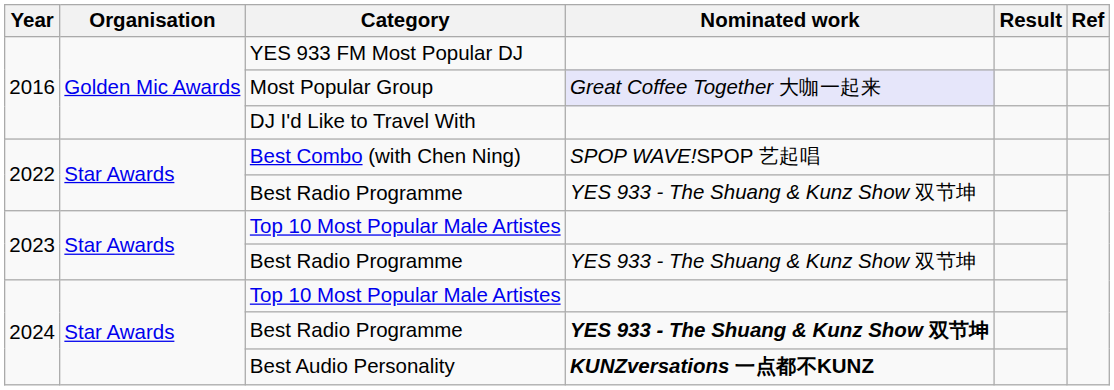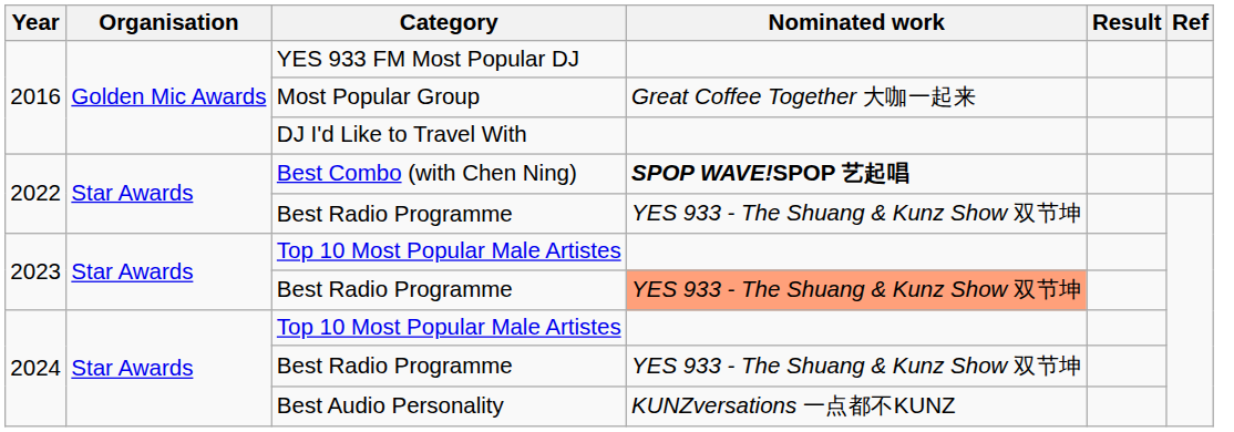 <table class="wikitable sortable">
 <tr>
 <th>Year</th>
 <th>Organisation</th>
 <th>Category</th>
 <th>Nominated work</th>
 <th>Result</th>
 <th class="unsortable">Ref</th>
 </tr>
 <tr>
 <td rowspan="3">2016</td>
 <td rowspan="3"><a href='#'>Golden Mic Awards</a></td>
 <td>YES 933 FM Most Popular DJ</td>
 <td></td>
 <td></td>
 <td></td>
 </tr>
 <tr>
 <td>Most Popular Group</td>
-<td style="background: lavender;"><em>Great Coffee Together</em> 大咖一起来</td>
+<td><em>Great Coffee Together</em> 大咖一起来</td>
 <td></td>
 <td></td>
 </tr>
 <tr>
 <td>DJ I'd Like to Travel With</td>
 <td></td>
 <td></td>
 <td></td>
 </tr>
 <tr>
 <td rowspan="2">2022</td>
 <td rowspan="2"><a href='#'>Star Awards</a></td>
 <td><a href='#'>Best Combo</a> (with Chen Ning)</td>
-<td><em>SPOP WAVE!</em>SPOP 艺起唱</td>
+<td><strong><em>SPOP WAVE!</em>SPOP 艺起唱</strong></td>
 <td></td>
 <td></td>
 </tr>
 <tr>
 <td>Best Radio Programme</td>
 <td><em>YES 933 - The Shuang & Kunz Show</em> 双节坤</td>
 <td></td>
 </tr>
 <tr>
 <td rowspan="2">2023</td>
 <td rowspan="2"><a href='#'>Star Awards</a></td>
 <td><a href='#'>Top 10 Most Popular Male Artistes</a></td>
 <td></td>
 <td></td>
 </tr>
 <tr>
 <td>Best Radio Programme</td>
-<td><em>YES 933 - The Shuang & Kunz Show</em> 双节坤</td>
+<td style="background: lightsalmon;"><em>YES 933 - The Shuang & Kunz Show</em> 双节坤</td>
 <td></td>
 </tr>
 <tr>
 <td rowspan="3">2024</td>
 <td rowspan="3"><a href='#'>Star Awards</a></td>
 <td><a href='#'>Top 10 Most Popular Male Artistes</a></td>
 <td></td>
 <td></td>
 </tr>
 <tr>
 <td>Best Radio Programme</td>
-<td><strong><em>YES 933 - The Shuang & Kunz Show</em> 双节坤</strong></td>
+<td><em>YES 933 - The Shuang & Kunz Show</em> 双节坤</td>
 <td></td>
 </tr>
 <tr>
 <td>Best Audio Personality</td>
-<td><strong><em>KUNZversations</em> 一点都不KUNZ</strong></td>
+<td><em>KUNZversations</em> 一点都不KUNZ</td>
 <td></td>
 </tr>
 </table>
